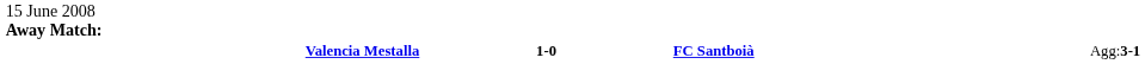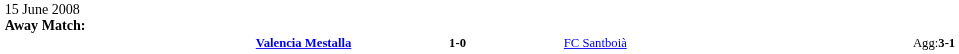 <table width=100% cellspacing=1>
 <tr>
 <th width=20%></th>
 <th width=12%></th>
 <th width=20%></th>
 <th></th>
 </tr>
 <tr>
 <td>15 June 2008<br><strong>Away Match:</strong></td>
 </tr>
 <tr style=font-size:90%>
 <td align=right><strong><a href='#'>Valencia Mestalla</a></strong></td>
 <td align=center><strong>1-0</strong></td>
-<td><strong><a href='#'>FC Santboià</a></strong></td>
+<td><a href='#'>FC Santboià</a></td>
 <td>Agg:<strong>3-1</strong></td>
 </tr>
 </table>
